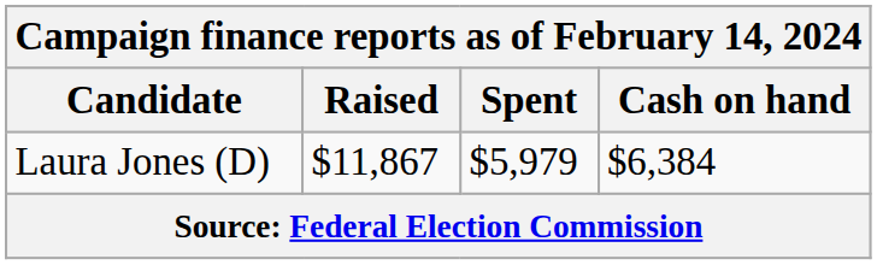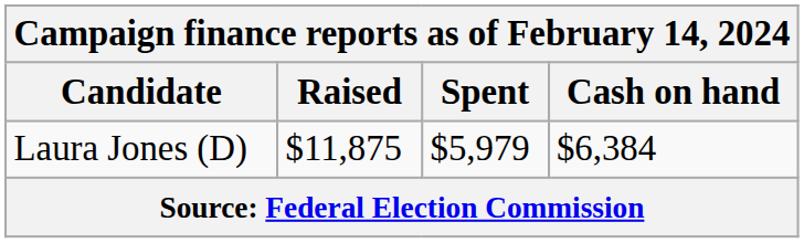 <table class="wikitable sortable">
 <tr>
 <th colspan=4>Campaign finance reports as of February 14, 2024</th>
 </tr>
 <tr style="text-align:center;">
 <th>Candidate</th>
 <th>Raised</th>
 <th>Spent</th>
 <th>Cash on hand</th>
 </tr>
 <tr>
 <td style="color:black;background-color:">Laura Jones (D)</td>
-<td>$11,867</td>
+<td>$11,875</td>
 <td>$5,979</td>
 <td>$6,384</td>
 </tr>
 <tr>
 <th colspan="4"><small>Source: <a href='#'>Federal Election Commission</a></small></th>
 </tr>
 </table>
